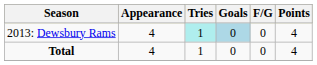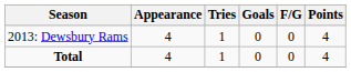 <table class="wikitable" style="text-align:center;">
 <tr bgcolor=#bdb76b>
 <th>Season</th>
 <th>Appearance</th>
 <th>Tries</th>
 <th>Goals</th>
 <th>F/G</th>
 <th>Points</th>
 </tr>
 <tr>
 <td>2013: <a href='#'>Dewsbury Rams</a></td>
 <td>4</td>
-<td style="background: paleturquoise;">1</td>
-<td style="background: lightblue;">0</td>
+<td>1</td>
+<td>0</td>
 <td>0</td>
 <td>4</td>
 </tr>
 <tr>
 <td><strong>Total</strong></td>
 <td>4</td>
 <td>1</td>
 <td>0</td>
 <td>0</td>
 <td>4</td>
 </tr>
 <tr>
 </tr>
 </table>
